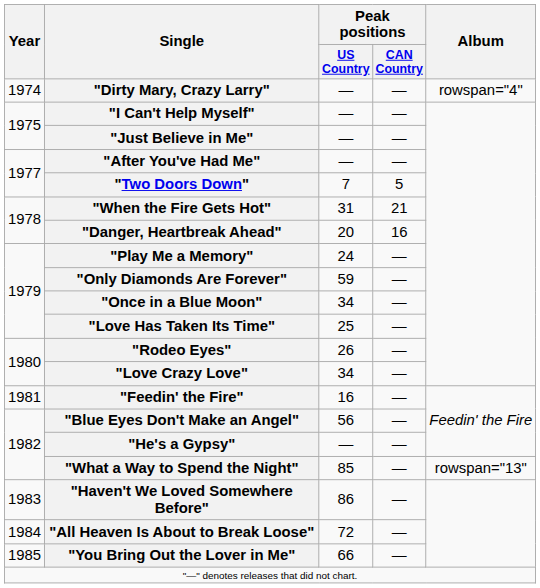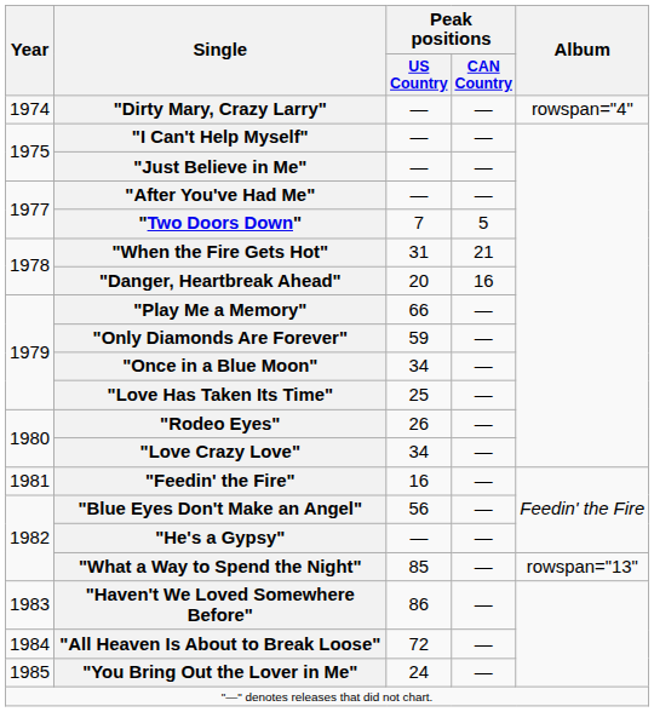 <table class="wikitable plainrowheaders" style="text-align:center;">
 <tr>
 <th rowspan="2">Year</th>
 <th rowspan="2" style="width:18em;">Single</th>
 <th colspan="2">Peak positions</th>
 <th rowspan="2">Album</th>
 </tr>
 <tr style="font-size:smaller;">
 <th width="50"><a href='#'>US Country</a></th>
 <th width="50"><a href='#'>CAN Country</a></th>
 </tr>
 <tr>
 <td>1974</td>
 <th scope="row">"Dirty Mary, Crazy Larry"</th>
 <td>—</td>
 <td>—</td>
 <td>rowspan="4" </td>
 </tr>
 <tr>
 <td rowspan="2">1975</td>
 <th scope="row">"I Can't Help Myself"</th>
 <td>—</td>
 <td>—</td>
 </tr>
 <tr>
 <th scope="row">"Just Believe in Me"</th>
 <td>—</td>
 <td>—</td>
 </tr>
 <tr>
 <td rowspan="2">1977</td>
 <th scope="row">"After You've Had Me"</th>
 <td>—</td>
 <td>—</td>
 </tr>
 <tr>
 <th scope="row">"<a href='#'>Two Doors Down</a>"</th>
 <td>7</td>
 <td>5</td>
 </tr>
 <tr>
 <td rowspan="2">1978</td>
 <th scope="row">"When the Fire Gets Hot"</th>
 <td>31</td>
 <td>21</td>
 </tr>
 <tr>
 <th scope="row">"Danger, Heartbreak Ahead"</th>
 <td>20</td>
 <td>16</td>
 </tr>
 <tr>
 <td rowspan="4">1979</td>
 <th scope="row">"Play Me a Memory"</th>
-<td>24</td>
+<td>66</td>
 <td>—</td>
 </tr>
 <tr>
 <th scope="row">"Only Diamonds Are Forever"</th>
 <td>59</td>
 <td>—</td>
 </tr>
 <tr>
 <th scope="row">"Once in a Blue Moon"</th>
 <td>34</td>
 <td>—</td>
 </tr>
 <tr>
 <th scope="row">"Love Has Taken Its Time"</th>
 <td>25</td>
 <td>—</td>
 </tr>
 <tr>
 <td rowspan="2">1980</td>
 <th scope="row">"Rodeo Eyes"</th>
 <td>26</td>
 <td>—</td>
 </tr>
 <tr>
 <th scope="row">"Love Crazy Love"</th>
 <td>34</td>
 <td>—</td>
 </tr>
 <tr>
 <td>1981</td>
 <th scope="row">"Feedin' the Fire"</th>
 <td>16</td>
 <td>—</td>
 <td align="left" rowspan="3"><em>Feedin' the Fire</em></td>
 </tr>
 <tr>
 <td rowspan="3">1982</td>
 <th scope="row">"Blue Eyes Don't Make an Angel"</th>
 <td>56</td>
 <td>—</td>
 </tr>
 <tr>
 <th scope="row">"He's a Gypsy"</th>
 <td>—</td>
 <td>—</td>
 </tr>
 <tr>
 <th scope="row">"What a Way to Spend the Night"</th>
 <td>85</td>
 <td>—</td>
 <td>rowspan="13" </td>
 </tr>
 <tr>
 <td>1983</td>
 <th scope="row">"Haven't We Loved Somewhere Before"</th>
 <td>86</td>
 <td>—</td>
 </tr>
 <tr>
 <td>1984</td>
 <th scope="row">"All Heaven Is About to Break Loose"</th>
 <td>72</td>
 <td>—</td>
 </tr>
 <tr>
 <td>1985</td>
 <th scope="row">"You Bring Out the Lover in Me"</th>
-<td>66</td>
+<td>24</td>
 <td>—</td>
 </tr>
 <tr>
 <td colspan="5" style="font-size: 8pt">"—" denotes releases that did not chart.</td>
 </tr>
 </table>
